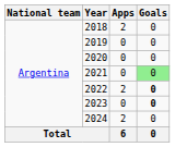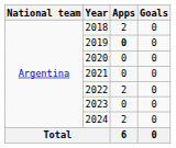 <table class="wikitable" style="text-align:center">
 <tr>
 <th>National team</th>
 <th>Year</th>
 <th>Apps</th>
 <th>Goals</th>
 </tr>
 <tr>
 <td rowspan="7"><a href='#'>Argentina</a></td>
 <td>2018</td>
 <td>2</td>
 <td>0</td>
 </tr>
 <tr>
 <td>2019</td>
-<td>0</td>
+<td><strong>0</strong></td>
 <td>0</td>
 </tr>
 <tr>
 <td>2020</td>
 <td>0</td>
 <td>0</td>
 </tr>
 <tr>
 <td>2021</td>
 <td>0</td>
-<td style="background: lightgreen;">0</td>
+<td>0</td>
 </tr>
 <tr>
 <td>2022</td>
 <td>2</td>
-<td><strong>0</strong></td>
+<td>0</td>
 </tr>
 <tr>
 <td>2023</td>
 <td>0</td>
-<td><strong>0</strong></td>
+<td>0</td>
 </tr>
 <tr>
 <td>2024</td>
 <td>2</td>
 <td>0</td>
 </tr>
 <tr>
 <th colspan="2">Total</th>
 <th>6</th>
 <th>0</th>
 </tr>
 </table>
